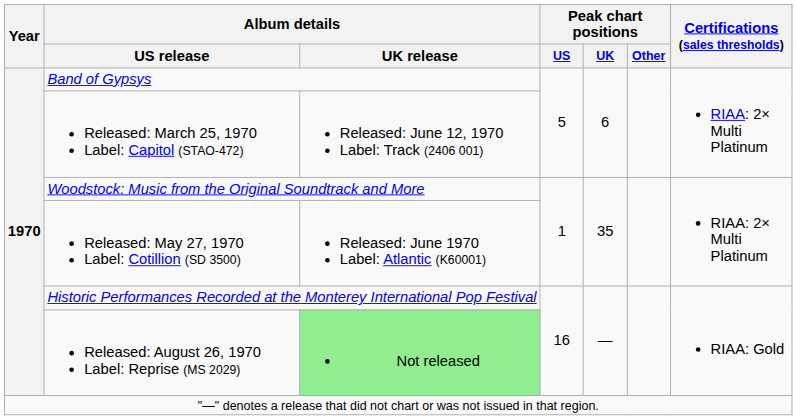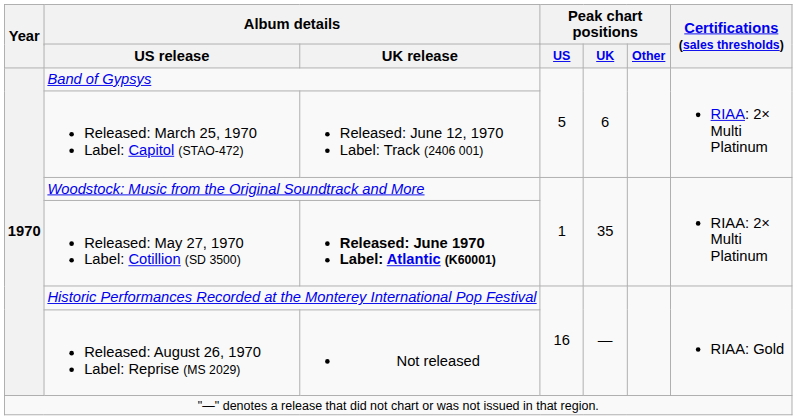 <table class="wikitable">
 <tr>
 <th rowspan="3">Year</th>
 <th rowspan="2" colspan="2" style="width:500px;">Album details</th>
 <th colspan="3">Peak chart positions</th>
 <th rowspan="3" style="width:125px;"><a href='#'>Certifications</a><br><small>(<a href='#'>sales thresholds</a>)</small></th>
 </tr>
 <tr>
 <th style="width:3em;font-size:85%" rowspan="2"><a href='#'>US</a><br></th>
 <th style="width:3em;font-size:85%" rowspan="2"><a href='#'>UK</a><br></th>
 <th style="width:3em;font-size:85%" rowspan="2"><a href='#'>Other</a><br></th>
 </tr>
 <tr>
 <th>US release</th>
 <th>UK release</th>
 </tr>
 <tr>
 <th scope="row" rowspan="6">1970</th>
 <td colspan="2"><em><a href='#'>Band of Gypsys</a></em></td>
 <td align="center" rowspan="2">5</td>
 <td align="center" rowspan="2">6</td>
 <td align="center" rowspan="2"></td>
 <td rowspan="2"><br><ul><li><a href='#'>RIAA</a>: 2× Multi Platinum</li></ul></td>
 </tr>
 <tr>
 <td><br><ul><li>Released: March 25, 1970</li><li>Label: <a href='#'>Capitol</a> <small>(STAO-472)</small></li></ul></td>
 <td><br><ul><li>Released: June 12, 1970</li><li>Label: Track <small>(2406 001)</small></li></ul></td>
 </tr>
 <tr>
 <td colspan="2"><em><a href='#'>Woodstock: Music from the Original Soundtrack and More</a></em></td>
 <td align="center" rowspan="2">1</td>
 <td align="center" rowspan="2">35</td>
 <td align="center" rowspan="2"></td>
 <td rowspan="2"><br><ul><li>RIAA: 2× Multi Platinum</li></ul></td>
 </tr>
 <tr>
 <td><br><ul><li>Released: May 27, 1970</li><li>Label: <a href='#'>Cotillion</a> <small>(SD 3500)</small></li></ul></td>
-<td><br><ul><li>Released: June 1970</li><li>Label: <a href='#'>Atlantic</a> <small>(K60001)</small></li></ul></td>
+<td><strong><br><ul><li>Released: June 1970</li><li>Label: <a href='#'>Atlantic</a> <small>(K60001)</small></li></ul></strong></td>
 </tr>
 <tr>
 <td colspan="2"><em><a href='#'>Historic Performances Recorded at the Monterey International Pop Festival</a></em></td>
 <td align="center" rowspan="2">16</td>
 <td align="center" rowspan="2">—</td>
 <td align="center" rowspan="2"></td>
 <td rowspan="2"><br><ul><li>RIAA: Gold</li></ul></td>
 </tr>
 <tr>
 <td><br><ul><li>Released: August 26, 1970</li><li>Label: Reprise <small>(MS 2029)</small></li></ul></td>
-<td align="center" style="background: lightgreen;"><br><ul><li>Not released</li></ul></td>
+<td align="center"><br><ul><li>Not released</li></ul></td>
 </tr>
 <tr>
 <td align="center" colspan="8" style="font-size: 85%">"—" denotes a release that did not chart or was not issued in that region.</td>
 </tr>
 </table>
